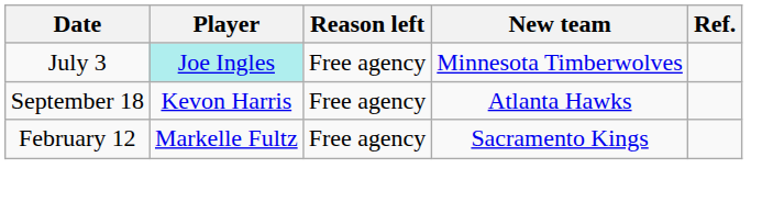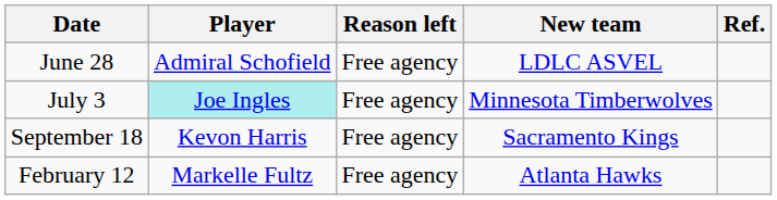 <table class="wikitable sortable sortable" style="text-align: center">
 <tr>
 <th>Date</th>
 <th>Player</th>
 <th>Reason left</th>
 <th>New team</th>
 <th>Ref.</th>
+</tr>
+<tr>
+<td>June 28</td>
+<td><a href='#'>Admiral Schofield</a></td>
+<td>Free agency</td>
+<td><a href='#'>LDLC ASVEL</a></td>
+<td></td>
 </tr>
 <tr>
 <td>July 3</td>
 <td style="background: paleturquoise;"><a href='#'>Joe Ingles</a></td>
 <td>Free agency</td>
 <td><a href='#'>Minnesota Timberwolves</a></td>
 <td></td>
 </tr>
 <tr>
 <td>September 18</td>
 <td><a href='#'>Kevon Harris</a></td>
 <td>Free agency</td>
-<td><a href='#'>Atlanta Hawks</a></td>
+<td><a href='#'>Sacramento Kings</a></td>
 <td></td>
 </tr>
 <tr>
 <td>February 12</td>
 <td><a href='#'>Markelle Fultz</a></td>
 <td>Free agency</td>
-<td><a href='#'>Sacramento Kings</a></td>
+<td><a href='#'>Atlanta Hawks</a></td>
 <td></td>
 </tr>
 </table>
